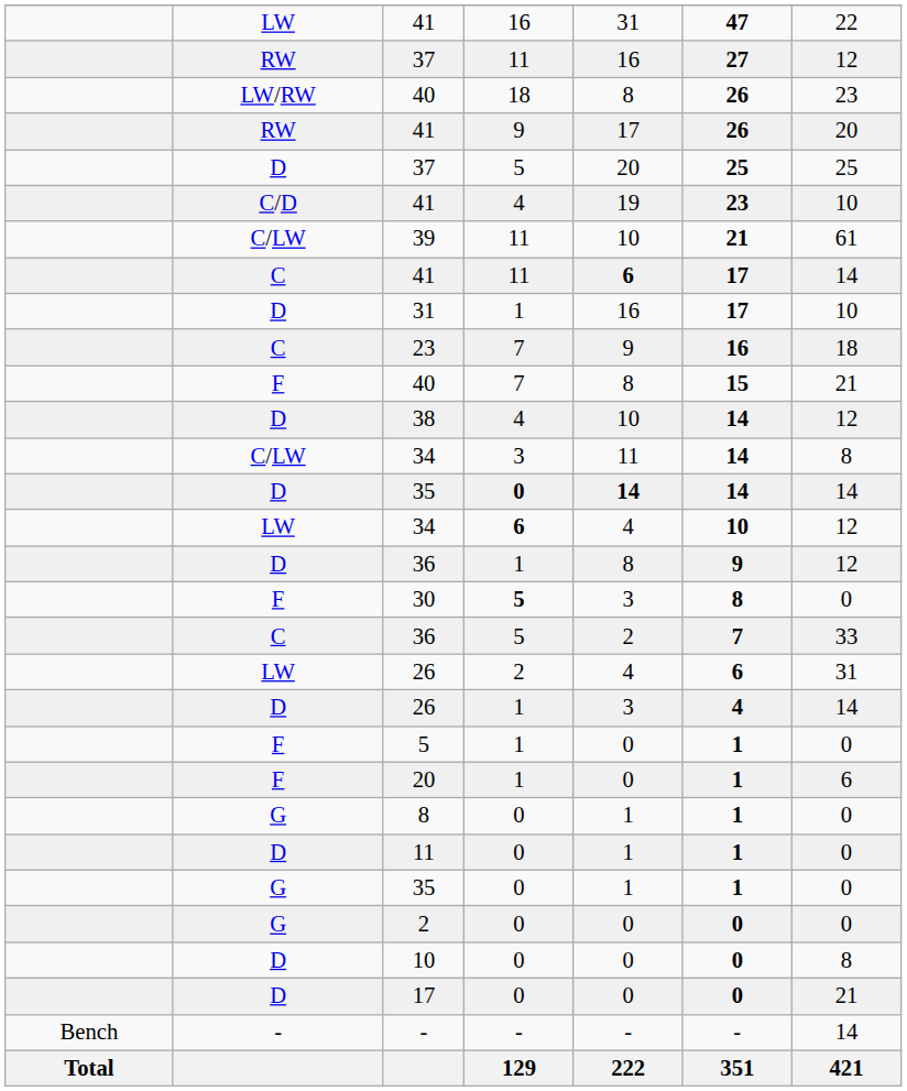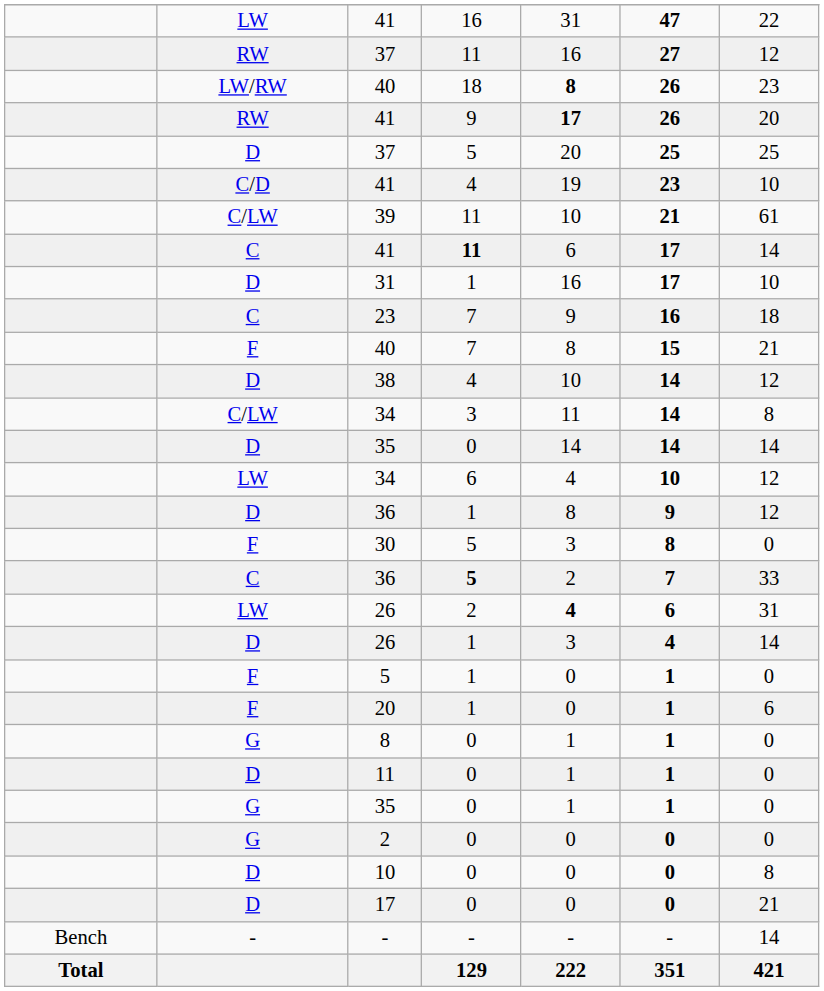 <table class="wikitable sortable" width ="50%">
 <tr align="center">
 </tr>
 <tr align="center" bgcolor="">
 <td></td>
 <td><a href='#'>LW</a></td>
 <td>41</td>
 <td>16</td>
 <td>31</td>
 <td><strong>47</strong></td>
 <td>22</td>
 </tr>
 <tr align="center" bgcolor="f0f0f0">
 <td></td>
 <td><a href='#'>RW</a></td>
 <td>37</td>
 <td>11</td>
 <td>16</td>
 <td><strong>27</strong></td>
 <td>12</td>
 </tr>
 <tr align="center" bgcolor="">
 <td></td>
 <td><a href='#'>LW</a>/<a href='#'>RW</a></td>
 <td>40</td>
 <td>18</td>
-<td>8</td>
+<td><strong>8</strong></td>
 <td><strong>26</strong></td>
 <td>23</td>
 </tr>
 <tr align="center" bgcolor="f0f0f0">
 <td></td>
 <td><a href='#'>RW</a></td>
 <td>41</td>
 <td>9</td>
-<td>17</td>
+<td><strong>17</strong></td>
 <td><strong>26</strong></td>
 <td>20</td>
 </tr>
 <tr align="center" bgcolor="">
 <td></td>
 <td><a href='#'>D</a></td>
 <td>37</td>
 <td>5</td>
 <td>20</td>
 <td><strong>25</strong></td>
 <td>25</td>
 </tr>
 <tr align="center" bgcolor="f0f0f0">
 <td></td>
 <td><a href='#'>C</a>/<a href='#'>D</a></td>
 <td>41</td>
 <td>4</td>
 <td>19</td>
 <td><strong>23</strong></td>
 <td>10</td>
 </tr>
 <tr align="center" bgcolor="">
 <td></td>
 <td><a href='#'>C</a>/<a href='#'>LW</a></td>
 <td>39</td>
 <td>11</td>
 <td>10</td>
 <td><strong>21</strong></td>
 <td>61</td>
 </tr>
 <tr align="center" bgcolor="f0f0f0">
 <td></td>
 <td><a href='#'>C</a></td>
 <td>41</td>
-<td>11</td>
-<td><strong>6</strong></td>
+<td><strong>11</strong></td>
+<td>6</td>
 <td><strong>17</strong></td>
 <td>14</td>
 </tr>
 <tr align="center" bgcolor="">
 <td></td>
 <td><a href='#'>D</a></td>
 <td>31</td>
 <td>1</td>
 <td>16</td>
 <td><strong>17</strong></td>
 <td>10</td>
 </tr>
 <tr align="center" bgcolor="f0f0f0">
 <td></td>
 <td><a href='#'>C</a></td>
 <td>23</td>
 <td>7</td>
 <td>9</td>
 <td><strong>16</strong></td>
 <td>18</td>
 </tr>
 <tr align="center" bgcolor="">
 <td></td>
 <td><a href='#'>F</a></td>
 <td>40</td>
 <td>7</td>
 <td>8</td>
 <td><strong>15</strong></td>
 <td>21</td>
 </tr>
 <tr align="center" bgcolor="f0f0f0">
 <td></td>
 <td><a href='#'>D</a></td>
 <td>38</td>
 <td>4</td>
 <td>10</td>
 <td><strong>14</strong></td>
 <td>12</td>
 </tr>
 <tr align="center" bgcolor="">
 <td></td>
 <td><a href='#'>C</a>/<a href='#'>LW</a></td>
 <td>34</td>
 <td>3</td>
 <td>11</td>
 <td><strong>14</strong></td>
 <td>8</td>
 </tr>
 <tr align="center" bgcolor="f0f0f0">
 <td></td>
 <td><a href='#'>D</a></td>
 <td>35</td>
-<td><strong>0</strong></td>
-<td><strong>14</strong></td>
+<td>0</td>
+<td>14</td>
 <td><strong>14</strong></td>
 <td>14</td>
 </tr>
 <tr align="center" bgcolor="">
 <td></td>
 <td><a href='#'>LW</a></td>
 <td>34</td>
-<td><strong>6</strong></td>
+<td>6</td>
 <td>4</td>
 <td><strong>10</strong></td>
 <td>12</td>
 </tr>
 <tr align="center" bgcolor="f0f0f0">
 <td></td>
 <td><a href='#'>D</a></td>
 <td>36</td>
 <td>1</td>
 <td>8</td>
 <td><strong>9</strong></td>
 <td>12</td>
 </tr>
 <tr align="center" bgcolor="">
 <td></td>
 <td><a href='#'>F</a></td>
 <td>30</td>
-<td><strong>5</strong></td>
+<td>5</td>
 <td>3</td>
 <td><strong>8</strong></td>
 <td>0</td>
 </tr>
 <tr align="center" bgcolor="f0f0f0">
 <td></td>
 <td><a href='#'>C</a></td>
 <td>36</td>
-<td>5</td>
+<td><strong>5</strong></td>
 <td>2</td>
 <td><strong>7</strong></td>
 <td>33</td>
 </tr>
 <tr align="center" bgcolor="">
 <td></td>
 <td><a href='#'>LW</a></td>
 <td>26</td>
 <td>2</td>
-<td>4</td>
+<td><strong>4</strong></td>
 <td><strong>6</strong></td>
 <td>31</td>
 </tr>
 <tr align="center" bgcolor="f0f0f0">
 <td></td>
 <td><a href='#'>D</a></td>
 <td>26</td>
 <td>1</td>
 <td>3</td>
 <td><strong>4</strong></td>
 <td>14</td>
 </tr>
 <tr align="center" bgcolor="">
 <td></td>
 <td><a href='#'>F</a></td>
 <td>5</td>
 <td>1</td>
 <td>0</td>
 <td><strong>1</strong></td>
 <td>0</td>
 </tr>
 <tr align="center" bgcolor="f0f0f0">
 <td></td>
 <td><a href='#'>F</a></td>
 <td>20</td>
 <td>1</td>
 <td>0</td>
 <td><strong>1</strong></td>
 <td>6</td>
 </tr>
 <tr align="center" bgcolor="">
 <td></td>
 <td><a href='#'>G</a></td>
 <td>8</td>
 <td>0</td>
 <td>1</td>
 <td><strong>1</strong></td>
 <td>0</td>
 </tr>
 <tr align="center" bgcolor="f0f0f0">
 <td></td>
 <td><a href='#'>D</a></td>
 <td>11</td>
 <td>0</td>
 <td>1</td>
 <td><strong>1</strong></td>
 <td>0</td>
 </tr>
 <tr align="center" bgcolor="">
 <td></td>
 <td><a href='#'>G</a></td>
 <td>35</td>
 <td>0</td>
 <td>1</td>
 <td><strong>1</strong></td>
 <td>0</td>
 </tr>
 <tr align="center" bgcolor="f0f0f0">
 <td></td>
 <td><a href='#'>G</a></td>
 <td>2</td>
 <td>0</td>
 <td>0</td>
 <td><strong>0</strong></td>
 <td>0</td>
 </tr>
 <tr align="center" bgcolor="">
 <td></td>
 <td><a href='#'>D</a></td>
 <td>10</td>
 <td>0</td>
 <td>0</td>
 <td><strong>0</strong></td>
 <td>8</td>
 </tr>
 <tr align="center" bgcolor="f0f0f0">
 <td></td>
 <td><a href='#'>D</a></td>
 <td>17</td>
 <td>0</td>
 <td>0</td>
 <td><strong>0</strong></td>
 <td>21</td>
 </tr>
 <tr align="center" bgcolor="">
 <td>Bench</td>
 <td>-</td>
 <td>-</td>
 <td>-</td>
 <td>-</td>
 <td>-</td>
 <td>14</td>
 </tr>
 <tr>
 <th>Total</th>
 <th></th>
 <th></th>
 <th>129</th>
 <th>222</th>
 <th>351</th>
 <th>421</th>
 </tr>
 </table>
